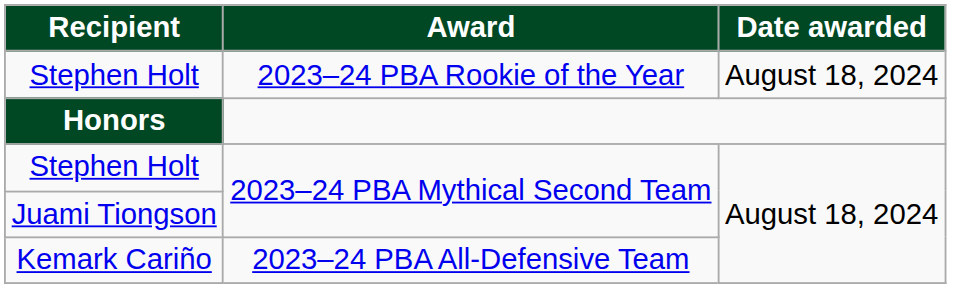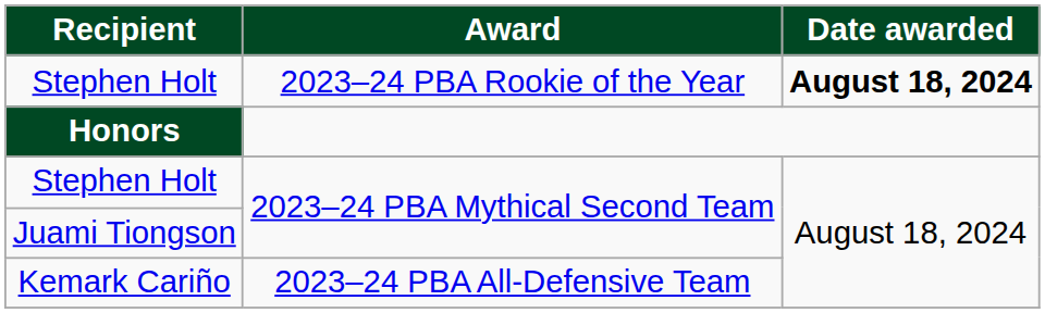 <table class="wikitable sortable sortable" style="text-align: center">
 <tr>
 <th style="background:#004823; color:#FFFFFF; ">Recipient</th>
 <th style="background:#004823; color:#FFFFFF; ">Award</th>
 <th style="background:#004823; color:#FFFFFF; ">Date awarded</th>
 </tr>
 <tr>
 <td><a href='#'>Stephen Holt</a></td>
 <td><a href='#'>2023–24 PBA Rookie of the Year</a></td>
-<td>August 18, 2024</td>
+<td><strong>August 18, 2024</strong></td>
 </tr>
 <tr>
 <th style="background:#004823; color:#FFFFFF; ">Honors</th>
 </tr>
 <tr>
 <td><a href='#'>Stephen Holt</a></td>
 <td rowspan=2><a href='#'>2023–24 PBA Mythical Second Team</a></td>
 <td rowspan=3>August 18, 2024</td>
 </tr>
 <tr>
 <td><a href='#'>Juami Tiongson</a></td>
 </tr>
 <tr>
 <td><a href='#'>Kemark Cariño</a></td>
 <td><a href='#'>2023–24 PBA All-Defensive Team</a></td>
 </tr>
 </table>
